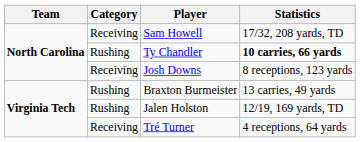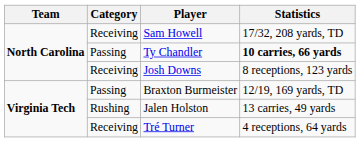 <table class="wikitable" style="float: right;">
 <tr>
 <th>Team</th>
 <th>Category</th>
 <th>Player</th>
 <th>Statistics</th>
 </tr>
 <tr>
 <td rowspan=3><strong>North Carolina</strong></td>
 <td>Receiving</td>
 <td><a href='#'>Sam Howell</a></td>
 <td>17/32, 208 yards, TD</td>
 </tr>
 <tr>
-<td>Rushing</td>
+<td>Passing</td>
 <td><a href='#'>Ty Chandler</a></td>
 <td><strong>10 carries, 66 yards</strong></td>
 </tr>
 <tr>
 <td>Receiving</td>
 <td><a href='#'>Josh Downs</a></td>
 <td>8 receptions, 123 yards</td>
 </tr>
 <tr>
 <td rowspan=3><strong>Virginia Tech</strong></td>
-<td>Rushing</td>
+<td>Passing</td>
 <td>Braxton Burmeister</td>
-<td>13 carries, 49 yards</td>
+<td>12/19, 169 yards, TD</td>
 </tr>
 <tr>
 <td>Rushing</td>
 <td>Jalen Holston</td>
-<td>12/19, 169 yards, TD</td>
+<td>13 carries, 49 yards</td>
 </tr>
 <tr>
 <td>Receiving</td>
 <td><a href='#'>Tré Turner</a></td>
 <td>4 receptions, 64 yards</td>
 </tr>
 </table>
